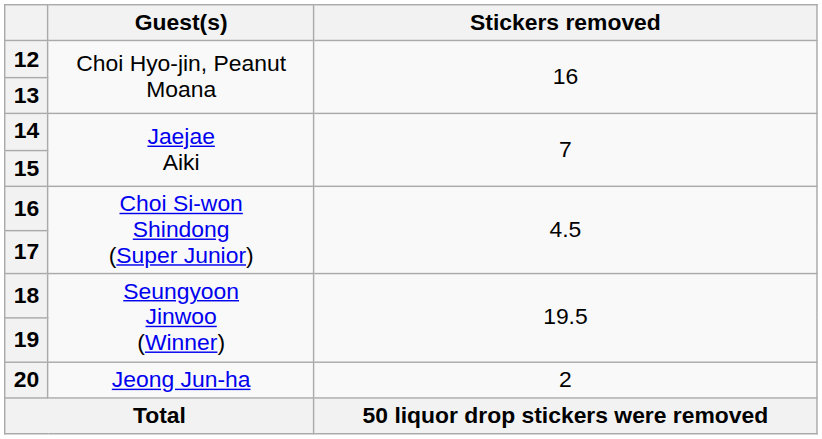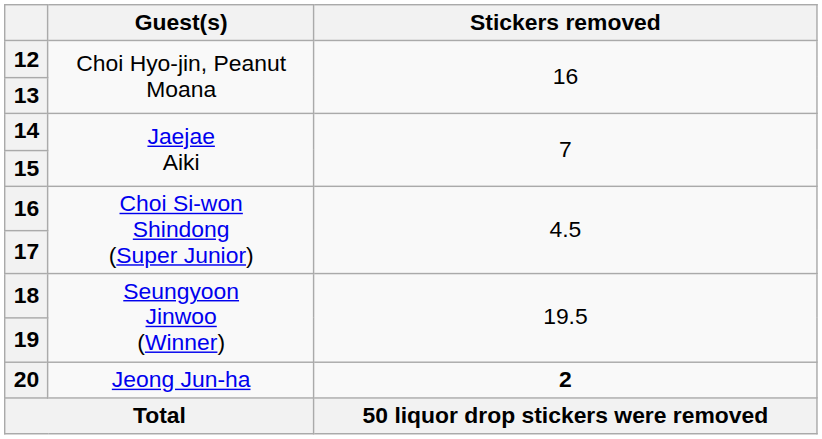 <table Class ="wikitable sortable" style="text-align:center; clear:both; text-align:center; width:45%">
 <tr>
 <th scope="col"></th>
 <th scope="col">Guest(s)</th>
 <th scope="col">Stickers removed</th>
 </tr>
 <tr>
 <th scope="row">12</th>
 <td rowspan="2">Choi Hyo-jin, Peanut <br> Moana</td>
 <td rowspan="2">16</td>
 </tr>
 <tr>
 <th scope="row">13</th>
 </tr>
 <tr>
 <th>14</th>
 <td rowspan="2"><a href='#'>Jaejae</a><br>Aiki</td>
 <td rowspan="2">7</td>
 </tr>
 <tr>
 <th>15</th>
 </tr>
 <tr>
 <th scope="row">16</th>
 <td rowspan="2"><a href='#'>Choi Si-won</a><br><a href='#'>Shindong</a><br>(<a href='#'>Super Junior</a>)</td>
 <td rowspan="2">4.5</td>
 </tr>
 <tr>
 <th scope="row">17</th>
 </tr>
 <tr>
 <th scope="row">18</th>
 <td rowspan="2"><a href='#'>Seungyoon</a> <br> <a href='#'>Jinwoo</a> <br>(<a href='#'>Winner</a>)</td>
 <td rowspan="2">19.5</td>
 </tr>
 <tr>
 <th scope="row">19</th>
 </tr>
 <tr>
 <th scope="row">20</th>
 <td><a href='#'>Jeong Jun-ha</a></td>
-<td>2</td>
+<td><strong>2</strong></td>
 </tr>
 <tr>
 <th colspan="2">Total</th>
 <th>50 liquor drop stickers were removed</th>
 </tr>
 </table>
